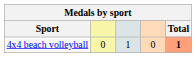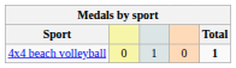 <table class="wikitable" style="font-size:90%; text-align:center;">
 <tr>
 <th colspan="5">Medals by sport</th>
 </tr>
 <tr>
 <th width="120">Sport</th>
 <th scope="col" width="30" style="background:#F7F6A8;"></th>
 <th scope="col" width="30" style="background:#DCE5E5;"></th>
 <th scope="col" width="30" style="background:#FFDAB9;"></th>
 <th width="30">Total</th>
 </tr>
 <tr>
 <td align="left"><a href='#'>4x4 beach volleyball</a></td>
 <td style="background:#F7F6A8;">0</td>
 <td style="background:#DCE5E5;">1</td>
 <td style="background:#FFDAB9;">0</td>
-<td style="background: lightsalmon;"><strong>1</strong></td>
+<td><strong>1</strong></td>
 </tr>
 </table>
